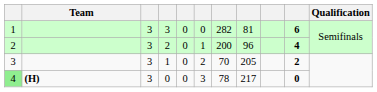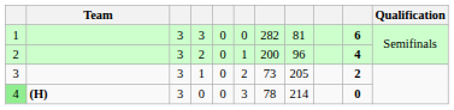 <table class=wikitable style="text-align:center">
 <tr>
 <th width=20 abbr=Position></th>
 <th width=175>Team</th>
 <th width=20 abbr=Played></th>
 <th width=20 abbr=Won></th>
 <th width=20 abbr=Drawn></th>
 <th width=20 abbr=Lost></th>
 <th width=30 abbr=Goal For></th>
 <th width=30 abbr=Goal Against></th>
 <th width=30 abbr=Percentage></th>
 <th width=30 abbr=Points></th>
 <th width=55 abbr=>Qualification</th>
 </tr>
 <tr bgcolor=#CCFFCC>
 <td>1</td>
 <td align=left></td>
 <td>3</td>
 <td>3</td>
 <td>0</td>
 <td>0</td>
 <td>282</td>
 <td>81</td>
 <td></td>
 <td><strong>6</strong></td>
 <td rowspan=2>Semifinals</td>
 </tr>
 <tr bgcolor=#CCFFCC>
 <td>2</td>
 <td align=left></td>
 <td>3</td>
 <td>2</td>
 <td>0</td>
 <td>1</td>
 <td>200</td>
 <td>96</td>
 <td></td>
 <td><strong>4</strong></td>
 </tr>
 <tr>
 <td>3</td>
 <td align=left></td>
 <td>3</td>
 <td>1</td>
 <td>0</td>
 <td>2</td>
-<td>70</td>
+<td>73</td>
 <td>205</td>
 <td></td>
 <td><strong>2</strong></td>
 </tr>
 <tr>
 <td style="background: lightgreen;">4</td>
 <td align=left> <strong>(H)</strong></td>
 <td>3</td>
 <td>0</td>
 <td>0</td>
 <td>3</td>
 <td>78</td>
-<td>217</td>
+<td>214</td>
 <td></td>
 <td><strong>0</strong></td>
 </tr>
 </table>
